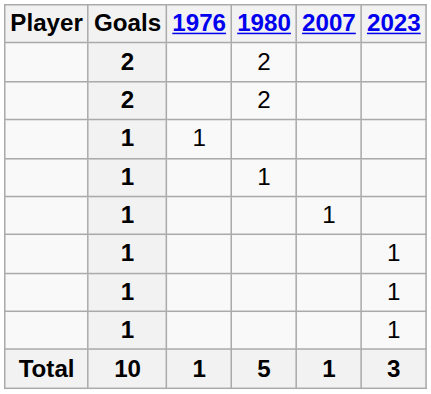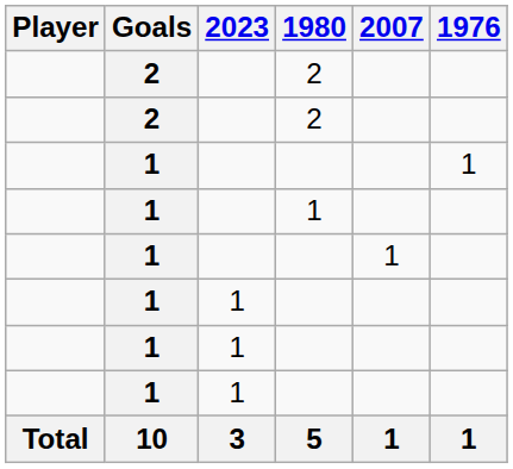 <table class="wikitable sortable" style="text-align:center;">
 <tr>
 <th>Player</th>
 <th>Goals</th>
-<th><a href='#'>1976</a></th>
+<th><a href='#'>2023</a></th>
 <th><a href='#'>1980</a></th>
 <th><a href='#'>2007</a></th>
-<th><a href='#'>2023</a></th>
+<th><a href='#'>1976</a></th>
 </tr>
 <tr>
 <td align="left"></td>
 <th>2</th>
 <td></td>
 <td>2</td>
 <td></td>
 <td></td>
 </tr>
 <tr>
 <td align="left"></td>
 <th>2</th>
 <td></td>
 <td>2</td>
 <td></td>
 <td></td>
 </tr>
 <tr>
 <td align="left"></td>
 <th>1</th>
-<td>1</td>
 <td></td>
 <td></td>
 <td></td>
+<td>1</td>
 </tr>
 <tr>
 <td align="left"></td>
 <th>1</th>
 <td></td>
 <td>1</td>
 <td></td>
 <td></td>
 </tr>
 <tr>
 <td align="left"></td>
 <th>1</th>
 <td></td>
 <td></td>
 <td>1</td>
 <td></td>
 </tr>
 <tr>
 <td align="left"></td>
 <th>1</th>
+<td>1</td>
 <td></td>
 <td></td>
 <td></td>
-<td>1</td>
 </tr>
 <tr>
 <td align="left"></td>
 <th>1</th>
+<td>1</td>
 <td></td>
 <td></td>
 <td></td>
-<td>1</td>
 </tr>
 <tr>
 <td align="left"></td>
 <th>1</th>
+<td>1</td>
 <td></td>
 <td></td>
 <td></td>
-<td>1</td>
 </tr>
 <tr class="sortbottom">
 <th>Total</th>
 <th>10</th>
-<th>1</th>
+<th>3</th>
 <th>5</th>
 <th>1</th>
-<th>3</th>
+<th>1</th>
 </tr>
 </table>
